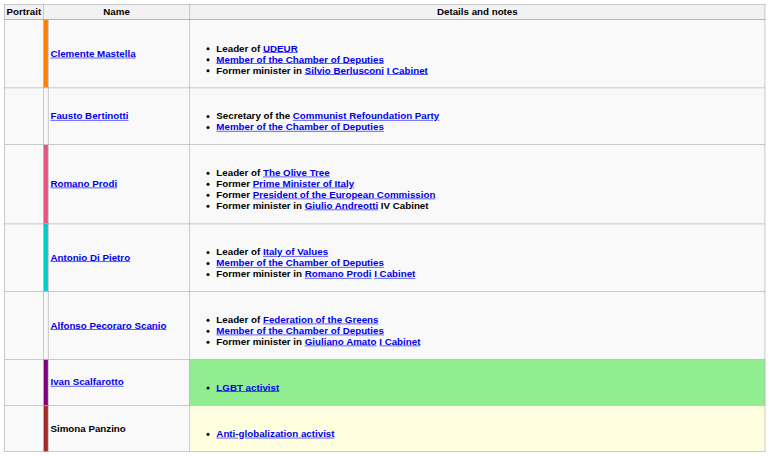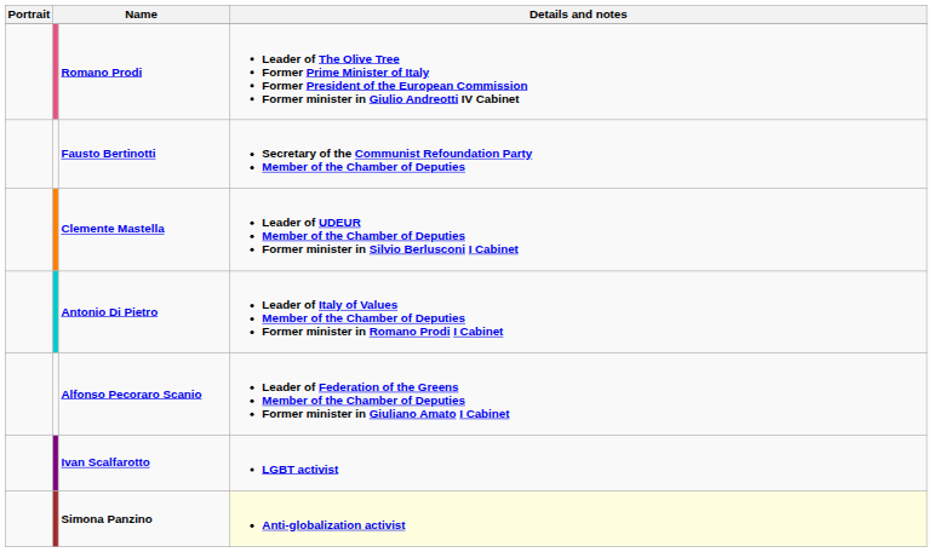 <table class="wikitable">
 <tr>
 <th>Portrait</th>
 <th colspan=2 width =20%>Name</th>
 <th>Details and notes</th>
 </tr>
 <tr>
 </tr>
 <tr>
 <td></td>
-<td style="background:#FF7F00;"></td>
-<td width=225><strong><a href='#'>Clemente Mastella</a></strong></td>
-<td width=80%><br><ul><li><strong>Leader of <a href='#'>UDEUR</a></strong></li><li><strong><a href='#'>Member of the Chamber of Deputies</a></strong></li><li><strong>Former minister in <a href='#'>Silvio Berlusconi</a> <a href='#'>I Cabinet</a></strong></li></ul></td>
+<td style="background:#E75480;"></td>
+<td><strong><a href='#'>Romano Prodi</a></strong></td>
+<td width = 80%><br><ul><li><strong>Leader of <a href='#'>The Olive Tree</a></strong></li><li><strong>Former <a href='#'>Prime Minister of Italy</a></strong></li><li><strong>Former <a href='#'>President of the European Commission</a></strong></li><li><strong>Former minister in <a href='#'>Giulio Andreotti</a> IV Cabinet</strong></li></ul></td>
 </tr>
 <tr>
 <td></td>
 <td style="color:inherit;background:"></td>
 <td width=225><strong><a href='#'>Fausto Bertinotti</a></strong></td>
 <td width=80%><br><ul><li><strong>Secretary of the <a href='#'>Communist Refoundation Party</a></strong></li><li><strong><a href='#'>Member of the Chamber of Deputies</a></strong></li></ul></td>
 </tr>
 <tr>
 <td></td>
-<td style="background:#E75480;"></td>
-<td><strong><a href='#'>Romano Prodi</a></strong></td>
-<td width = 80%><br><ul><li><strong>Leader of <a href='#'>The Olive Tree</a></strong></li><li><strong>Former <a href='#'>Prime Minister of Italy</a></strong></li><li><strong>Former <a href='#'>President of the European Commission</a></strong></li><li><strong>Former minister in <a href='#'>Giulio Andreotti</a> IV Cabinet</strong></li></ul></td>
+<td style="background:#FF7F00;"></td>
+<td width=225><strong><a href='#'>Clemente Mastella</a></strong></td>
+<td width=80%><br><ul><li><strong>Leader of <a href='#'>UDEUR</a></strong></li><li><strong><a href='#'>Member of the Chamber of Deputies</a></strong></li><li><strong>Former minister in <a href='#'>Silvio Berlusconi</a> <a href='#'>I Cabinet</a></strong></li></ul></td>
 </tr>
 <tr>
 <td></td>
 <td style="background:#00CCCC;"></td>
 <td width=225><strong><a href='#'>Antonio Di Pietro</a></strong></td>
 <td width=80%><br><ul><li><strong>Leader of <a href='#'>Italy of Values</a></strong></li><li><strong><a href='#'>Member of the Chamber of Deputies</a></strong></li><li><strong>Former minister in <a href='#'>Romano Prodi</a> <a href='#'>I Cabinet</a></strong></li></ul></td>
 </tr>
 <tr>
 <td></td>
 <td style="color:inherit;background:"></td>
 <td width=225><strong><a href='#'>Alfonso Pecoraro Scanio</a></strong></td>
 <td width=80%><br><ul><li><strong>Leader of <a href='#'>Federation of the Greens</a></strong></li><li><strong><a href='#'>Member of the Chamber of Deputies</a></strong></li><li><strong>Former minister in <a href='#'>Giuliano Amato</a> <a href='#'>I Cabinet</a></strong></li></ul></td>
 </tr>
 <tr>
 <td></td>
 <td style="background:purple;"></td>
 <td width=225><strong><a href='#'>Ivan Scalfarotto</a></strong></td>
-<td width=80% style="background: lightgreen;"><br><ul><li><strong><a href='#'>LGBT activist</a></strong></li></ul></td>
+<td width=80%><br><ul><li><strong><a href='#'>LGBT activist</a></strong></li></ul></td>
 </tr>
 <tr>
 <td></td>
 <td style="background:brown;"></td>
 <td width=225><strong>Simona Panzino</strong></td>
 <td width=80% style="background: lightyellow;"><br><ul><li><strong><a href='#'>Anti-globalization activist</a></strong></li></ul></td>
 </tr>
 </table>
